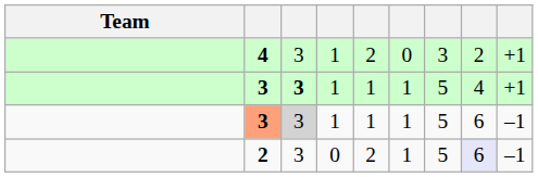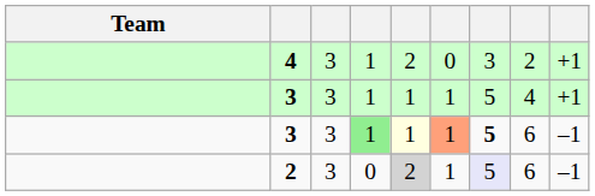 <table class="wikitable" style="text-align:center">
 <tr>
 <th width="175">Team</th>
 <th width="20"></th>
 <th width="20"></th>
 <th width="20"></th>
 <th width="20"></th>
 <th width="20"></th>
 <th width="20"></th>
 <th width="20"></th>
 <th width="20"></th>
 </tr>
 <tr bgcolor=#CCFFCC>
 <td align=left></td>
 <td><strong>4</strong></td>
 <td>3</td>
 <td>1</td>
 <td>2</td>
 <td>0</td>
 <td>3</td>
 <td>2</td>
 <td>+1</td>
 </tr>
 <tr bgcolor=#CCFFCC>
 <td align=left></td>
 <td><strong>3</strong></td>
-<td><strong>3</strong></td>
+<td>3</td>
 <td>1</td>
 <td>1</td>
 <td>1</td>
 <td>5</td>
 <td>4</td>
 <td>+1</td>
 </tr>
 <tr>
 <td align=left></td>
-<td style="background: lightsalmon;"><strong>3</strong></td>
-<td style="background: lightgrey;">3</td>
-<td>1</td>
-<td>1</td>
-<td>1</td>
-<td>5</td>
+<td><strong>3</strong></td>
+<td>3</td>
+<td style="background: lightgreen;">1</td>
+<td style="background: lightyellow;">1</td>
+<td style="background: lightsalmon;">1</td>
+<td><strong>5</strong></td>
 <td>6</td>
 <td>–1</td>
 </tr>
 <tr>
 <td align=left></td>
 <td><strong>2</strong></td>
 <td>3</td>
 <td>0</td>
-<td>2</td>
+<td style="background: lightgrey;">2</td>
 <td>1</td>
-<td>5</td>
-<td style="background: lavender;">6</td>
+<td style="background: lavender;">5</td>
+<td>6</td>
 <td>–1</td>
 </tr>
 </table>
